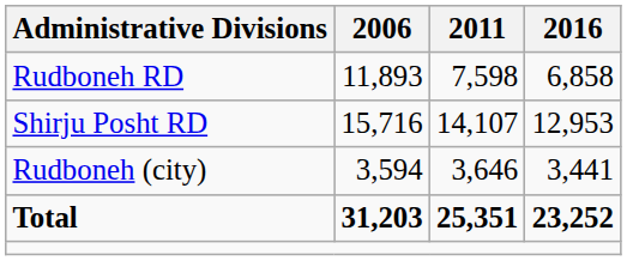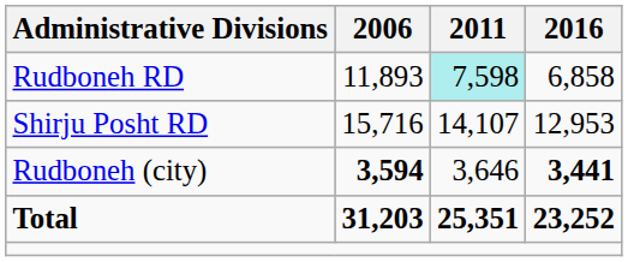 <table class="wikitable">
 <tr>
 <th>Administrative Divisions</th>
 <th>2006</th>
 <th>2011</th>
 <th>2016</th>
 </tr>
 <tr>
 <td><a href='#'>Rudboneh RD</a></td>
 <td style="text-align: right;">11,893</td>
-<td style="text-align: right;">7,598</td>
+<td style="background: paleturquoise; text-align: right;">7,598</td>
 <td style="text-align: right;">6,858</td>
 </tr>
 <tr>
 <td><a href='#'>Shirju Posht RD</a></td>
 <td style="text-align: right;">15,716</td>
 <td style="text-align: right;">14,107</td>
 <td style="text-align: right;">12,953</td>
 </tr>
 <tr>
 <td><a href='#'>Rudboneh</a> (city)</td>
-<td style="text-align: right;">3,594</td>
+<td style="text-align: right;"><strong>3,594</strong></td>
 <td style="text-align: right;">3,646</td>
-<td style="text-align: right;">3,441</td>
+<td style="text-align: right;"><strong>3,441</strong></td>
 </tr>
 <tr>
 <td><strong>Total</strong></td>
 <td style="text-align: right;"><strong>31,203</strong></td>
 <td style="text-align: right;"><strong>25,351</strong></td>
 <td style="text-align: right;"><strong>23,252</strong></td>
 </tr>
 <tr>
 <td colspan=4></td>
 </tr>
 </table>
